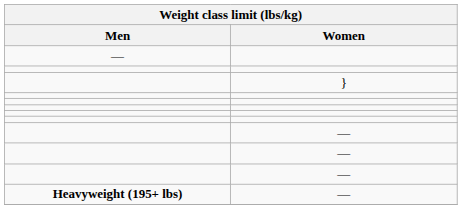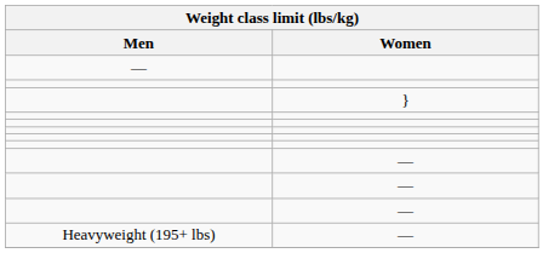 <table class="wikitable" style="text-align: center;">
 <tr>
 <th ! colspan="2">Weight class limit (lbs/kg)</th>
 </tr>
 <tr>
 <th style="width:30%">Men</th>
 <th style="width:30%">Women</th>
 </tr>
 <tr>
 <td>—</td>
 <td></td>
 </tr>
 <tr>
 <td></td>
 <td></td>
 </tr>
 <tr>
 <td></td>
 <td>}</td>
 </tr>
 <tr>
 <td></td>
 <td></td>
 </tr>
 <tr>
 <td></td>
 <td></td>
 </tr>
 <tr>
 <td></td>
 <td></td>
 </tr>
 <tr>
 <td></td>
 <td></td>
 </tr>
 <tr>
 <td></td>
 <td></td>
 </tr>
 <tr>
 <td></td>
 <td>—</td>
 </tr>
 <tr>
 <td></td>
 <td>—</td>
 </tr>
 <tr>
 <td></td>
 <td>—</td>
 </tr>
 <tr>
-<td><strong>Heavyweight (195+ lbs)</strong></td>
+<td>Heavyweight (195+ lbs)</td>
 <td>—</td>
 </tr>
 <tr>
 </tr>
 </table>
